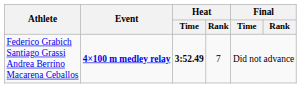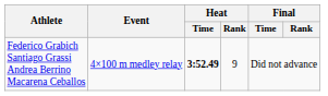 <table class=wikitable style=font-size:90%>
 <tr>
 <th rowspan=2>Athlete</th>
 <th rowspan=2>Event</th>
 <th colspan=2>Heat</th>
 <th colspan=2>Final</th>
 </tr>
 <tr style=font-size:95%>
 <th>Time</th>
 <th>Rank</th>
 <th>Time</th>
 <th>Rank</th>
 </tr>
 <tr align=center>
 <td align=left><a href='#'>Federico Grabich</a><br><a href='#'>Santiago Grassi</a><br><a href='#'>Andrea Berrino</a><br><a href='#'>Macarena Ceballos</a></td>
-<td align=left><strong><a href='#'>4×100 m medley relay</a></strong></td>
+<td align=left><a href='#'>4×100 m medley relay</a></td>
 <td><strong>3:52.49</strong></td>
-<td>7</td>
+<td>9</td>
 <td colspan=2>Did not advance</td>
 </tr>
 </table>
